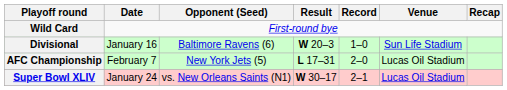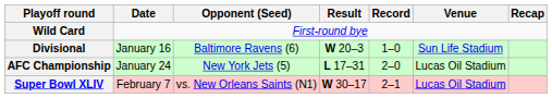 <table class="wikitable" style="text-align:center">
 <tr>
 <th>Playoff round</th>
 <th>Date</th>
 <th>Opponent (Seed)</th>
 <th>Result</th>
 <th>Record</th>
 <th>Venue</th>
 <th>Recap</th>
 </tr>
 <tr>
 <th style="text-align:center;">Wild Card</th>
 <td colspan="8" style="text-align:center;"><em><a href='#'>First-round bye</a></em></td>
 </tr>
 <tr style="background:#cfc;">
 <th style="text-align:center;">Divisional</th>
 <td style="text-align:center;">January 16</td>
 <td style="text-align:center;"><a href='#'>Baltimore Ravens</a> (6)</td>
 <td style="text-align:center;"><strong>W</strong> 20–3</td>
 <td style="text-align:center;">1–0</td>
 <td style="text-align:center;"><a href='#'>Sun Life Stadium</a></td>
 <td style="text-align:center;"></td>
 </tr>
 <tr style="background:#cfc;">
 <th style="text-align:center;">AFC Championship</th>
-<td style="text-align:center;">February 7</td>
+<td style="text-align:center;">January 24</td>
 <td style="text-align:center;"><a href='#'>New York Jets</a> (5)</td>
 <td style="text-align:center;"><strong>L</strong> 17–31</td>
 <td style="text-align:center;">2–0</td>
 <td style="text-align:center;">Lucas Oil Stadium</td>
 <td style="text-align:center;"></td>
 </tr>
 <tr style="background:#fcc;">
 <th style="text-align:center;"><a href='#'>Super Bowl XLIV</a></th>
-<td style="text-align:center;">January 24</td>
+<td style="text-align:center;">February 7</td>
 <td style="text-align:center;">vs. <a href='#'>New Orleans Saints</a> (N1)</td>
 <td style="text-align:center;"><strong>W</strong> 30–17</td>
 <td style="text-align:center;">2–1</td>
 <td style="text-align:center;"><a href='#'>Lucas Oil Stadium</a></td>
 <td style="text-align:center;"></td>
 </tr>
 </table>
